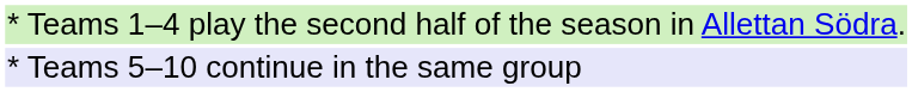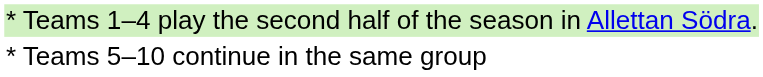 <table>
 <tr style="background: #D0F0C0;">
 <td>* Teams 1–4 play the second half of the season in <a href='#'>Allettan Södra</a>.</td>
 </tr>
 <tr>
-<td style="background: lavender;">* Teams 5–10 continue in the same group</td>
+<td>* Teams 5–10 continue in the same group</td>
 </tr>
 </table>
